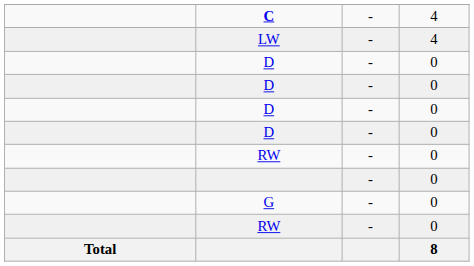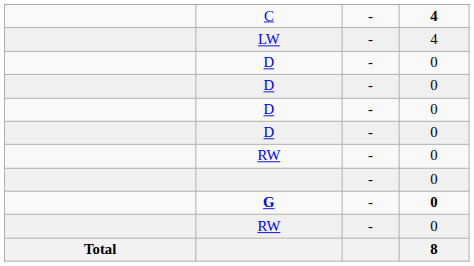 <table class="wikitable sortable" width ="40%">
 <tr align="center">
 </tr>
 <tr align="center" bgcolor="">
 <td></td>
-<td><strong><a href='#'>C</a></strong></td>
+<td><a href='#'>C</a></td>
 <td>-</td>
-<td>4</td>
+<td><strong>4</strong></td>
 </tr>
 <tr align="center" bgcolor="f0f0f0">
 <td></td>
 <td><a href='#'>LW</a></td>
 <td>-</td>
 <td>4</td>
 </tr>
 <tr align="center" bgcolor="">
 <td></td>
 <td><a href='#'>D</a></td>
 <td>-</td>
 <td>0</td>
 </tr>
 <tr align="center" bgcolor="f0f0f0">
 <td></td>
 <td><a href='#'>D</a></td>
 <td>-</td>
 <td>0</td>
 </tr>
 <tr align="center" bgcolor="">
 <td></td>
 <td><a href='#'>D</a></td>
 <td>-</td>
 <td>0</td>
 </tr>
 <tr align="center" bgcolor="f0f0f0">
 <td></td>
 <td><a href='#'>D</a></td>
 <td>-</td>
 <td>0</td>
 </tr>
 <tr align="center" bgcolor="">
 <td></td>
 <td><a href='#'>RW</a></td>
 <td>-</td>
 <td>0</td>
 </tr>
 <tr align="center" bgcolor="f0f0f0">
 <td></td>
 <td></td>
 <td>-</td>
 <td>0</td>
 </tr>
 <tr align="center" bgcolor="">
 <td></td>
-<td><a href='#'>G</a></td>
+<td><strong><a href='#'>G</a></strong></td>
 <td>-</td>
-<td>0</td>
+<td><strong>0</strong></td>
 </tr>
 <tr align="center" bgcolor="f0f0f0">
 <td></td>
 <td><a href='#'>RW</a></td>
 <td>-</td>
 <td>0</td>
 </tr>
 <tr>
 <th>Total</th>
 <th></th>
 <th></th>
 <th>8</th>
 </tr>
 </table>
